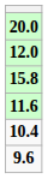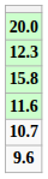 <table class="wikitable" style="text-align: center;">
 <tr>
 <th></th>
 </tr>
 <tr>
 <td style="background:#ccffcc;"><strong>20.0</strong></td>
 </tr>
 <tr>
-<td style="background:#ccffcc;"><strong>12.0</strong></td>
+<td style="background:#ccffcc;"><strong>12.3</strong></td>
 </tr>
 <tr>
 <td style="background:#ccffcc;"><strong>15.8</strong></td>
 </tr>
 <tr>
 <td style="background:#ccffcc;"><strong>11.6</strong></td>
 </tr>
 <tr>
-<td><strong>10.4</strong></td>
+<td><strong>10.7</strong></td>
 </tr>
 <tr>
 <td><strong>9.6</strong></td>
 </tr>
 </table>
